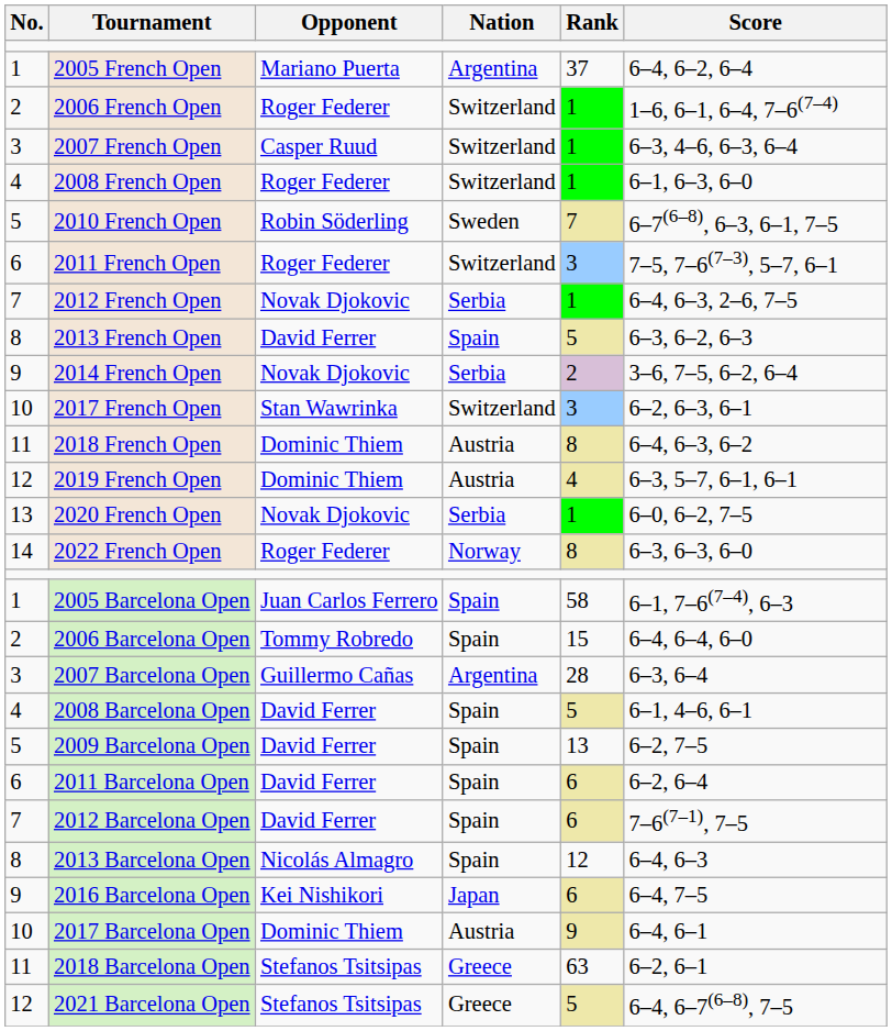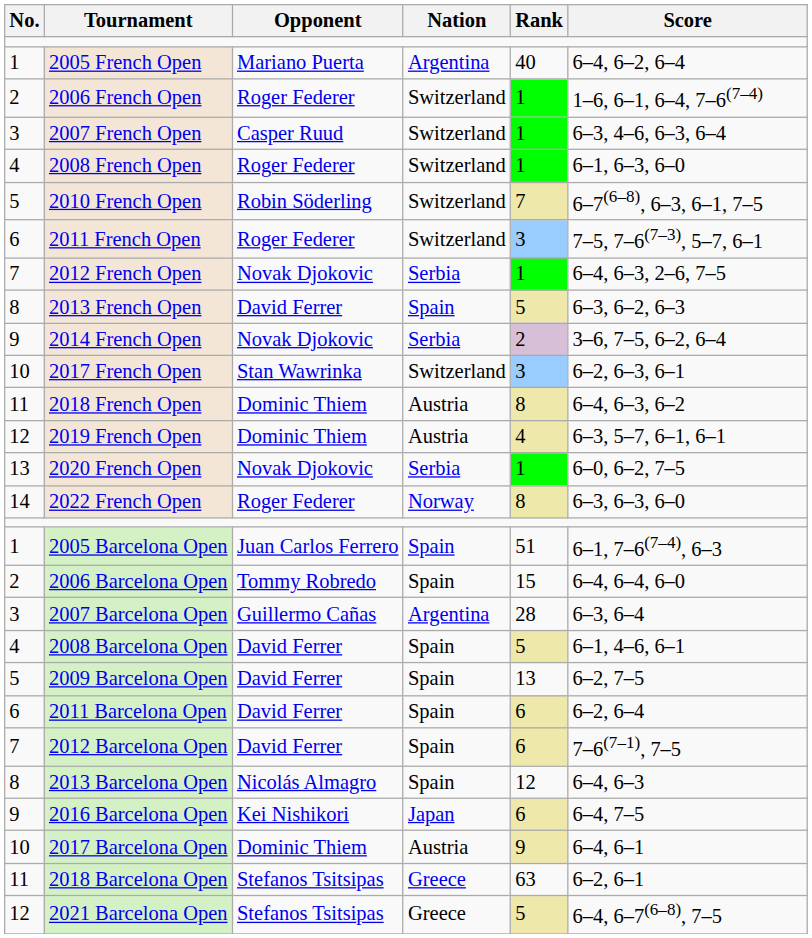 <table class="wikitable sortable">
 <tr>
 <th>No.</th>
 <th>Tournament</th>
 <th>Opponent</th>
 <th>Nation</th>
 <th>Rank</th>
 <th width="180">Score</th>
 </tr>
 <tr>
 <td colspan="6"></td>
 </tr>
 <tr>
 <td>1</td>
 <td style="background:#f3e6d7;"><a href='#'>2005 French Open</a></td>
 <td><a href='#'>Mariano Puerta</a></td>
 <td> <a href='#'>Argentina</a></td>
-<td>37</td>
+<td>40</td>
 <td>6–4, 6–2, 6–4</td>
 </tr>
 <tr>
 <td>2</td>
 <td style="background:#f3e6d7;"><a href='#'>2006 French Open</a></td>
 <td><a href='#'>Roger Federer</a></td>
 <td> Switzerland</td>
 <td bgcolor=lime>1</td>
 <td>1–6, 6–1, 6–4, 7–6<sup>(7–4)</sup></td>
 </tr>
 <tr>
 <td>3</td>
 <td style="background:#f3e6d7;"><a href='#'>2007 French Open</a></td>
 <td><a href='#'>Casper Ruud</a></td>
 <td> Switzerland</td>
 <td bgcolor=lime>1</td>
 <td>6–3, 4–6, 6–3, 6–4</td>
 </tr>
 <tr>
 <td>4</td>
 <td style="background:#f3e6d7;"><a href='#'>2008 French Open</a></td>
 <td><a href='#'>Roger Federer</a></td>
 <td> Switzerland</td>
 <td bgcolor=lime>1</td>
 <td>6–1, 6–3, 6–0</td>
 </tr>
 <tr>
 <td>5</td>
 <td style="background:#f3e6d7;"><a href='#'>2010 French Open</a></td>
 <td><a href='#'>Robin Söderling</a></td>
-<td> Sweden</td>
+<td> Switzerland</td>
 <td bgcolor=EEE8AA>7</td>
 <td>6–7<sup>(6–8)</sup>, 6–3, 6–1, 7–5</td>
 </tr>
 <tr>
 <td>6</td>
 <td style="background:#f3e6d7;"><a href='#'>2011 French Open</a></td>
 <td><a href='#'>Roger Federer</a></td>
 <td> Switzerland</td>
 <td bgcolor=99ccff>3</td>
 <td>7–5, 7–6<sup>(7–3)</sup>, 5–7, 6–1</td>
 </tr>
 <tr>
 <td>7</td>
 <td style="background:#f3e6d7;"><a href='#'>2012 French Open</a></td>
 <td><a href='#'>Novak Djokovic</a></td>
 <td> <a href='#'>Serbia</a></td>
 <td bgcolor=lime>1</td>
 <td>6–4, 6–3, 2–6, 7–5</td>
 </tr>
 <tr>
 <td>8</td>
 <td style="background:#f3e6d7;"><a href='#'>2013 French Open</a></td>
 <td><a href='#'>David Ferrer</a></td>
 <td> <a href='#'>Spain</a></td>
 <td bgcolor=EEE8AA>5</td>
 <td>6–3, 6–2, 6–3</td>
 </tr>
 <tr>
 <td>9</td>
 <td style="background:#f3e6d7;"><a href='#'>2014 French Open</a></td>
 <td><a href='#'>Novak Djokovic</a></td>
 <td> <a href='#'>Serbia</a></td>
 <td bgcolor=thistle>2</td>
 <td>3–6, 7–5, 6–2, 6–4</td>
 </tr>
 <tr>
 <td>10</td>
 <td style="background:#f3e6d7;"><a href='#'>2017 French Open</a></td>
 <td><a href='#'>Stan Wawrinka</a></td>
 <td> Switzerland</td>
 <td bgcolor=99ccff>3</td>
 <td>6–2, 6–3, 6–1</td>
 </tr>
 <tr>
 <td>11</td>
 <td style="background:#f3e6d7;"><a href='#'>2018 French Open</a></td>
 <td><a href='#'>Dominic Thiem</a></td>
 <td> Austria</td>
 <td bgcolor=EEE8AA>8</td>
 <td>6–4, 6–3, 6–2</td>
 </tr>
 <tr>
 <td>12</td>
 <td style="background:#f3e6d7;"><a href='#'>2019 French Open</a></td>
 <td><a href='#'>Dominic Thiem</a></td>
 <td> Austria</td>
 <td bgcolor=EEE8AA>4</td>
 <td>6–3, 5–7, 6–1, 6–1</td>
 </tr>
 <tr>
 <td>13</td>
 <td style="background:#f3e6d7;"><a href='#'>2020 French Open</a></td>
 <td><a href='#'>Novak Djokovic</a></td>
 <td> <a href='#'>Serbia</a></td>
 <td bgcolor=lime>1</td>
 <td>6–0, 6–2, 7–5</td>
 </tr>
 <tr>
 <td>14</td>
 <td style="background:#f3e6d7;"><a href='#'>2022 French Open</a></td>
 <td><a href='#'>Roger Federer</a></td>
 <td> <a href='#'>Norway</a></td>
 <td bgcolor=EEE8AA>8</td>
 <td>6–3, 6–3, 6–0</td>
 </tr>
 <tr>
 <td colspan="6"></td>
 </tr>
 <tr>
 <td>1</td>
 <td style="background:#d4f1c5"><a href='#'>2005 Barcelona Open</a></td>
 <td><a href='#'>Juan Carlos Ferrero</a></td>
 <td> <a href='#'>Spain</a></td>
-<td>58</td>
+<td>51</td>
 <td>6–1, 7–6<sup>(7–4)</sup>, 6–3</td>
 </tr>
 <tr>
 <td>2</td>
 <td style="background:#d4f1c5"><a href='#'>2006 Barcelona Open</a></td>
 <td><a href='#'>Tommy Robredo</a></td>
 <td> Spain</td>
 <td>15</td>
 <td>6–4, 6–4, 6–0</td>
 </tr>
 <tr>
 <td>3</td>
 <td style="background:#d4f1c5"><a href='#'>2007 Barcelona Open</a></td>
 <td><a href='#'>Guillermo Cañas</a></td>
 <td> <a href='#'>Argentina</a></td>
 <td>28</td>
 <td>6–3, 6–4</td>
 </tr>
 <tr>
 <td>4</td>
 <td style="background:#d4f1c5"><a href='#'>2008 Barcelona Open</a></td>
 <td><a href='#'>David Ferrer</a></td>
 <td> Spain</td>
 <td bgcolor=EEE8AA>5</td>
 <td>6–1, 4–6, 6–1</td>
 </tr>
 <tr>
 <td>5</td>
 <td style="background:#d4f1c5"><a href='#'>2009 Barcelona Open</a></td>
 <td><a href='#'>David Ferrer</a></td>
 <td> Spain</td>
 <td>13</td>
 <td>6–2, 7–5</td>
 </tr>
 <tr>
 <td>6</td>
 <td style="background:#d4f1c5"><a href='#'>2011 Barcelona Open</a></td>
 <td><a href='#'>David Ferrer</a></td>
 <td> Spain</td>
 <td bgcolor=EEE8AA>6</td>
 <td>6–2, 6–4</td>
 </tr>
 <tr>
 <td>7</td>
 <td style="background:#d4f1c5"><a href='#'>2012 Barcelona Open</a></td>
 <td><a href='#'>David Ferrer</a></td>
 <td> Spain</td>
 <td bgcolor=EEE8AA>6</td>
 <td>7–6<sup>(7–1)</sup>, 7–5</td>
 </tr>
 <tr>
 <td>8</td>
 <td style="background:#d4f1c5"><a href='#'>2013 Barcelona Open</a></td>
 <td><a href='#'>Nicolás Almagro</a></td>
 <td> Spain</td>
 <td>12</td>
 <td>6–4, 6–3</td>
 </tr>
 <tr>
 <td>9</td>
 <td style="background:#d4f1c5"><a href='#'>2016 Barcelona Open</a></td>
 <td><a href='#'>Kei Nishikori</a></td>
 <td> <a href='#'>Japan</a></td>
 <td bgcolor=EEE8AA>6</td>
 <td>6–4, 7–5</td>
 </tr>
 <tr>
 <td>10</td>
 <td style="background:#d4f1c5"><a href='#'>2017 Barcelona Open</a></td>
 <td><a href='#'>Dominic Thiem</a></td>
 <td> Austria</td>
 <td bgcolor=EEE8AA>9</td>
 <td>6–4, 6–1</td>
 </tr>
 <tr>
 <td>11</td>
 <td style="background:#d4f1c5"><a href='#'>2018 Barcelona Open</a></td>
 <td><a href='#'>Stefanos Tsitsipas</a></td>
 <td> <a href='#'>Greece</a></td>
 <td>63</td>
 <td>6–2, 6–1</td>
 </tr>
 <tr>
 <td>12</td>
 <td style="background:#d4f1c5"><a href='#'>2021 Barcelona Open</a></td>
 <td><a href='#'>Stefanos Tsitsipas</a></td>
 <td> Greece</td>
 <td bgcolor=EEE8AA>5</td>
 <td>6–4, 6–7<sup>(6–8)</sup>, 7–5</td>
 </tr>
 </table>
